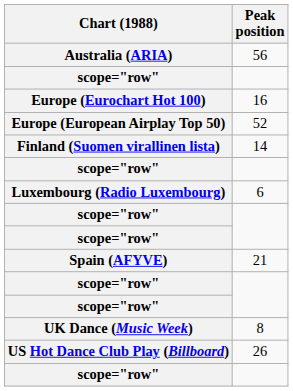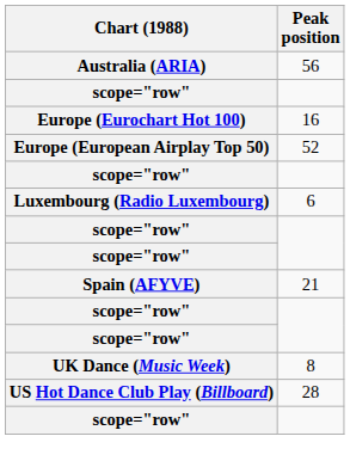 <table class="wikitable sortable plainrowheaders">
 <tr>
 <th>Chart (1988)</th>
 <th>Peak<br>position</th>
 </tr>
 <tr>
 <th scope="row">Australia (<a href='#'>ARIA</a>)</th>
 <td align="center">56</td>
 </tr>
 <tr>
 <th>scope="row"</th>
 </tr>
 <tr>
 <th scope="row">Europe (<a href='#'>Eurochart Hot 100</a>)</th>
 <td align="center">16</td>
 </tr>
 <tr>
 <th scope="row">Europe (European Airplay Top 50)</th>
 <td align="center">52</td>
-</tr>
-<tr>
-<th scope="row">Finland (<a href='#'>Suomen virallinen lista</a>)</th>
-<td align="center">14</td>
 </tr>
 <tr>
 <th>scope="row"</th>
 </tr>
 <tr>
 <th scope="row">Luxembourg (<a href='#'>Radio Luxembourg</a>)</th>
 <td align="center">6</td>
 </tr>
 <tr>
 <th>scope="row"</th>
 </tr>
 <tr>
 <th>scope="row"</th>
 </tr>
 <tr>
 <th scope="row">Spain (<a href='#'>AFYVE</a>)</th>
 <td align="center">21</td>
 </tr>
 <tr>
 <th>scope="row"</th>
 </tr>
 <tr>
 <th>scope="row"</th>
 </tr>
 <tr>
 <th scope="row">UK Dance (<em><a href='#'>Music Week</a></em>)</th>
 <td align="center">8</td>
 </tr>
 <tr>
 <th scope="row">US <a href='#'>Hot Dance Club Play</a> (<em><a href='#'>Billboard</a></em>)</th>
-<td align="center">26</td>
+<td align="center">28</td>
 </tr>
 <tr>
 <th>scope="row"</th>
 </tr>
 </table>
